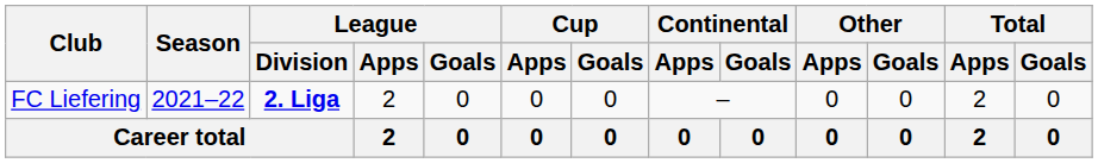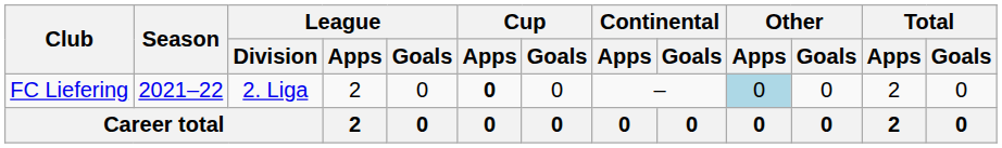 <table class="wikitable" style="text-align: center">
 <tr>
 <th rowspan="2">Club</th>
 <th rowspan="2">Season</th>
 <th colspan="3">League</th>
 <th colspan="2">Cup</th>
 <th colspan="2">Continental</th>
 <th colspan="2">Other</th>
 <th colspan="2">Total</th>
 </tr>
 <tr>
 <th>Division</th>
 <th>Apps</th>
 <th>Goals</th>
 <th>Apps</th>
 <th>Goals</th>
 <th>Apps</th>
 <th>Goals</th>
 <th>Apps</th>
 <th>Goals</th>
 <th>Apps</th>
 <th>Goals</th>
 </tr>
 <tr>
 <td><a href='#'>FC Liefering</a></td>
 <td><a href='#'>2021–22</a></td>
-<td><strong><a href='#'>2. Liga</a></strong></td>
+<td><a href='#'>2. Liga</a></td>
 <td>2</td>
 <td>0</td>
-<td>0</td>
+<td><strong>0</strong></td>
 <td>0</td>
 <td colspan="2">–</td>
-<td>0</td>
+<td style="background: lightblue;">0</td>
 <td>0</td>
 <td>2</td>
 <td>0</td>
 </tr>
 <tr>
 <th colspan="3"><strong>Career total</strong></th>
 <th>2</th>
 <th>0</th>
 <th>0</th>
 <th>0</th>
 <th>0</th>
 <th>0</th>
 <th>0</th>
 <th>0</th>
 <th>2</th>
 <th>0</th>
 </tr>
 </table>
